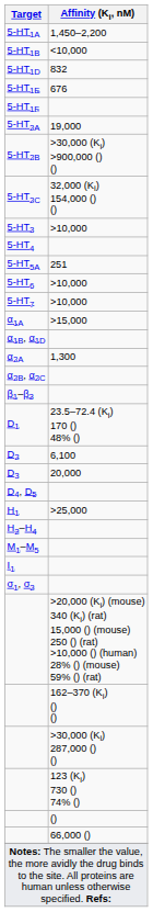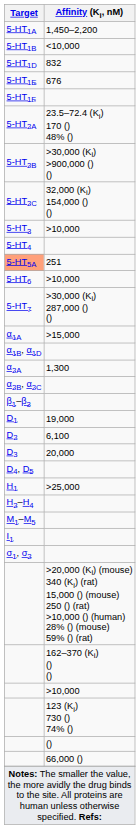 <table class="wikitable floatleft" style="font-size:small;">
 <tr>
 <th><a href='#'>Target</a></th>
 <th><a href='#'>Affinity</a> (K<sub>i</sub>, nM)</th>
 </tr>
 <tr>
 <td><a href='#'>5-HT<sub>1A</sub></a></td>
 <td>1,450–2,200</td>
 </tr>
 <tr>
 <td><a href='#'>5-HT<sub>1B</sub></a></td>
 <td><10,000</td>
 </tr>
 <tr>
 <td><a href='#'>5-HT<sub>1D</sub></a></td>
 <td>832</td>
 </tr>
 <tr>
 <td><a href='#'>5-HT<sub>1E</sub></a></td>
 <td>676</td>
 </tr>
 <tr>
 <td><a href='#'>5-HT<sub>1F</sub></a></td>
 <td></td>
 </tr>
 <tr>
 <td><a href='#'>5-HT<sub>2A</sub></a></td>
-<td>19,000</td>
+<td>23.5–72.4 (K<sub>i</sub>)<br>170 ()<br>48% ()</td>
 </tr>
 <tr>
 <td><a href='#'>5-HT<sub>2B</sub></a></td>
 <td>>30,000 (K<sub>i</sub>)<br>>900,000 ()<br> ()</td>
 </tr>
 <tr>
 <td><a href='#'>5-HT<sub>2C</sub></a></td>
 <td>32,000 (K<sub>i</sub>)<br>154,000 ()<br> ()</td>
 </tr>
 <tr>
 <td><a href='#'>5-HT<sub>3</sub></a></td>
 <td>>10,000</td>
 </tr>
 <tr>
 <td><a href='#'>5-HT<sub>4</sub></a></td>
 <td></td>
 </tr>
 <tr>
-<td><a href='#'>5-HT<sub>5A</sub></a></td>
+<td style="background: lightsalmon;"><a href='#'>5-HT<sub>5A</sub></a></td>
 <td>251</td>
 </tr>
 <tr>
 <td><a href='#'>5-HT<sub>6</sub></a></td>
 <td>>10,000</td>
 </tr>
 <tr>
 <td><a href='#'>5-HT<sub>7</sub></a></td>
-<td>>10,000</td>
+<td>>30,000 (K<sub>i</sub>)<br>287,000 ()<br> ()</td>
 </tr>
 <tr>
 <td><a href='#'>α<sub>1A</sub></a></td>
 <td>>15,000</td>
 </tr>
 <tr>
 <td><a href='#'>α<sub>1B</sub></a>, <a href='#'>α<sub>1D</sub></a></td>
 <td></td>
 </tr>
 <tr>
 <td><a href='#'>α<sub>2A</sub></a></td>
 <td>1,300</td>
 </tr>
 <tr>
 <td><a href='#'>α<sub>2B</sub></a>, <a href='#'>α<sub>2C</sub></a></td>
 <td></td>
 </tr>
 <tr>
 <td><a href='#'>β<sub>1</sub></a>–<a href='#'>β<sub>3</sub></a></td>
 <td></td>
 </tr>
 <tr>
 <td><a href='#'>D<sub>1</sub></a></td>
-<td>23.5–72.4 (K<sub>i</sub>)<br>170 ()<br>48% ()</td>
+<td>19,000</td>
 </tr>
 <tr>
 <td><a href='#'>D<sub>2</sub></a></td>
 <td>6,100</td>
 </tr>
 <tr>
 <td><a href='#'>D<sub>3</sub></a></td>
 <td>20,000</td>
 </tr>
 <tr>
 <td><a href='#'>D<sub>4</sub></a>, <a href='#'>D<sub>5</sub></a></td>
 <td></td>
 </tr>
 <tr>
 <td><a href='#'>H<sub>1</sub></a></td>
 <td>>25,000</td>
 </tr>
 <tr>
 <td><a href='#'>H<sub>2</sub></a>–<a href='#'>H<sub>4</sub></a></td>
 <td></td>
 </tr>
 <tr>
 <td><a href='#'>M<sub>1</sub></a>–<a href='#'>M<sub>5</sub></a></td>
 <td></td>
 </tr>
 <tr>
 <td><a href='#'>I<sub>1</sub></a></td>
 <td></td>
 </tr>
 <tr>
 <td><a href='#'>σ<sub>1</sub></a>, <a href='#'>σ<sub>2</sub></a></td>
 <td></td>
 </tr>
 <tr>
 <td></td>
 <td>>20,000 (K<sub>i</sub>) (mouse)<br>340 (K<sub>i</sub>) (rat)<br>15,000 () (mouse)<br>250 () (rat)<br>>10,000 () (human)<br>28% () (mouse)<br>59% () (rat)</td>
 </tr>
 <tr>
 <td></td>
 <td>162–370 (K<sub>i</sub>)<br> ()<br> ()</td>
 </tr>
 <tr>
 <td></td>
-<td>>30,000 (K<sub>i</sub>)<br>287,000 ()<br> ()</td>
+<td>>10,000</td>
 </tr>
 <tr>
 <td></td>
 <td>123 (K<sub>i</sub>)<br>730 ()<br>74% ()</td>
 </tr>
 <tr>
 <td></td>
 <td> ()</td>
 </tr>
 <tr>
 <td></td>
 <td>66,000 ()</td>
 </tr>
 <tr>
 </tr>
 <tr class="sortbottom">
 <td colspan="2" style="width: 1px; background-color:#eaecf0; text-align: center;"><strong>Notes:</strong> The smaller the value, the more avidly the drug binds to the site. All proteins are human unless otherwise specified. <strong>Refs:</strong> </td>
 </tr>
 </table>
